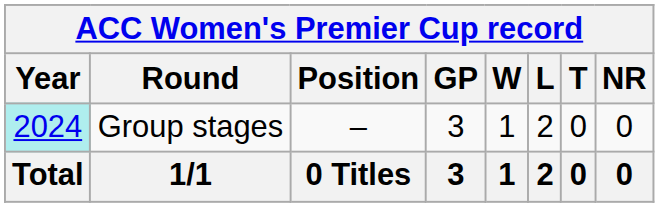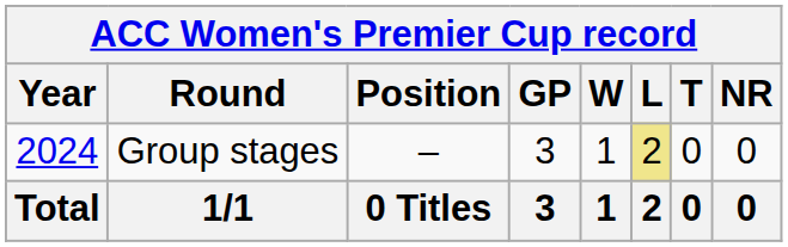 <table class="wikitable" style="text-align: center; width=900px;">
 <tr>
 <th colspan="8"><a href='#'>ACC Women's Premier Cup record</a></th>
 </tr>
 <tr>
 <th>Year</th>
 <th>Round</th>
 <th>Position</th>
 <th>GP</th>
 <th>W</th>
 <th>L</th>
 <th>T</th>
 <th>NR</th>
 </tr>
 <tr>
-<td style="background: paleturquoise;"><a href='#'>2024</a> </td>
+<td><a href='#'>2024</a> </td>
 <td>Group stages</td>
 <td>–</td>
 <td>3</td>
 <td>1</td>
-<td>2</td>
+<td style="background: khaki;">2</td>
 <td>0</td>
 <td>0</td>
 </tr>
 <tr>
 <th>Total</th>
 <th>1/1</th>
 <th>0 Titles</th>
 <th>3</th>
 <th>1</th>
 <th>2</th>
 <th>0</th>
 <th>0</th>
 </tr>
 </table>
